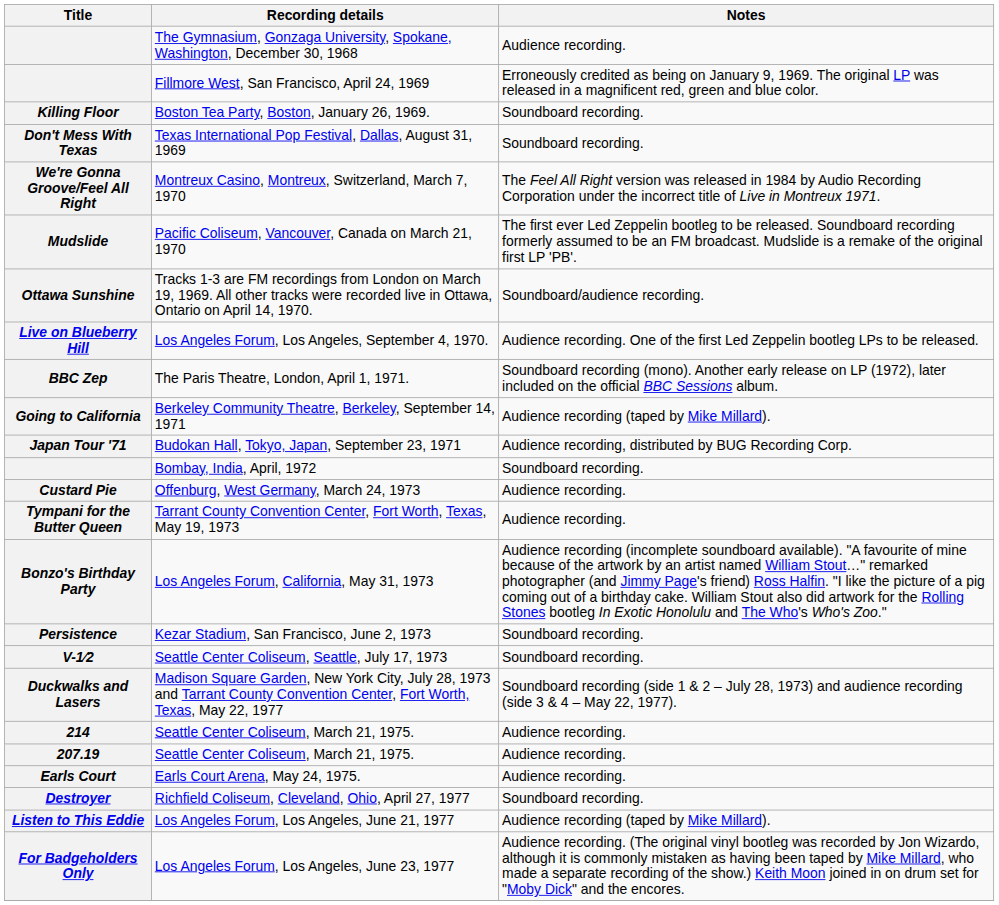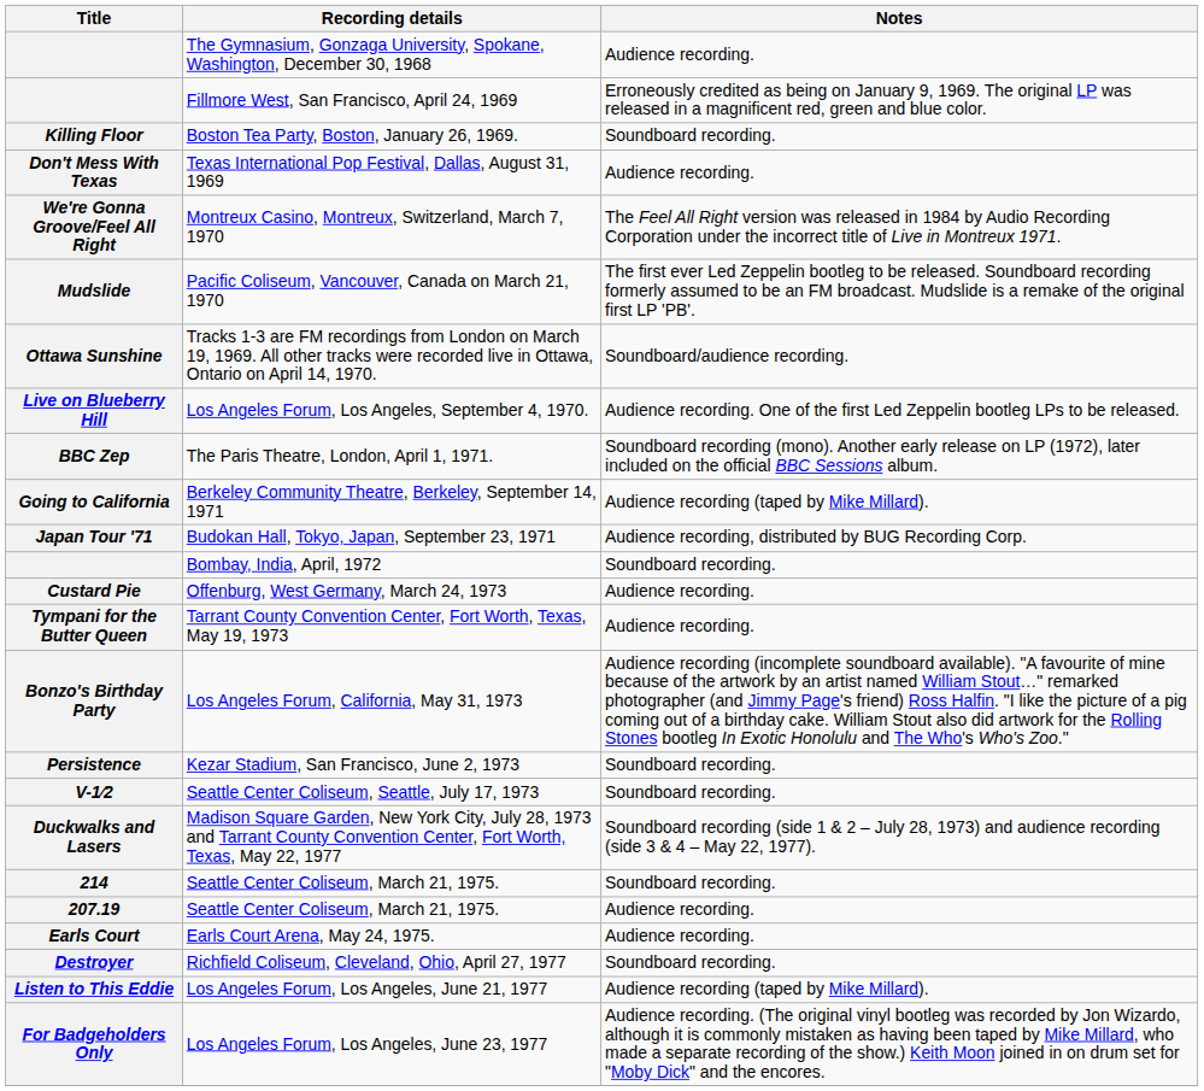 <table class="wikitable sortable plainrowheaders" width="90%"  style="padding: 5px; align: center;">
 <tr>
 <th scope="col">Title</th>
 <th scope="col" class="unsortable">Recording details</th>
 <th scope="col" class="unsortable">Notes</th>
 </tr>
 <tr>
 <th scope="row"><em></em></th>
 <td><a href='#'>The Gymnasium</a>, <a href='#'>Gonzaga University</a>, <a href='#'>Spokane, Washington</a>, December 30, 1968</td>
 <td>Audience recording.</td>
 </tr>
 <tr>
 <th scope="row"><em></em></th>
 <td><a href='#'>Fillmore West</a>, San Francisco, April 24, 1969</td>
 <td valign="top" width=50%>Erroneously credited as being on January 9, 1969. The original <a href='#'>LP</a> was released in a magnificent red, green and blue color.</td>
 </tr>
 <tr>
 <th scope="row"><em>Killing Floor</em></th>
 <td><a href='#'>Boston Tea Party</a>, <a href='#'>Boston</a>, January 26, 1969.</td>
 <td>Soundboard recording.</td>
 </tr>
 <tr>
 <th scope="row"><em>Don't Mess With Texas</em></th>
 <td><a href='#'>Texas International Pop Festival</a>, <a href='#'>Dallas</a>, August 31, 1969</td>
-<td>Soundboard recording.</td>
+<td>Audience recording.</td>
 </tr>
 <tr>
 <th scope="row"><em>We're Gonna Groove/Feel All Right</em></th>
 <td><a href='#'>Montreux Casino</a>, <a href='#'>Montreux</a>, Switzerland, March 7, 1970</td>
 <td>The <em>Feel All Right</em> version was released in 1984 by Audio Recording Corporation under the incorrect title of <em>Live in Montreux 1971</em>.</td>
 </tr>
 <tr>
 <th scope="row"><em>Mudslide</em></th>
 <td><a href='#'>Pacific Coliseum</a>, <a href='#'>Vancouver</a>, Canada on March 21, 1970</td>
 <td>The first ever Led Zeppelin bootleg to be released. Soundboard recording formerly assumed to be an FM broadcast. Mudslide is a remake of the original first LP 'PB'.</td>
 </tr>
 <tr>
 <th scope="row"><em>Ottawa Sunshine</em></th>
 <td>Tracks 1-3 are FM recordings from London on March 19, 1969.  All other tracks were recorded live in Ottawa, Ontario on April 14, 1970.</td>
 <td>Soundboard/audience recording.</td>
 </tr>
 <tr>
 <th scope="row"><em><a href='#'>Live on Blueberry Hill</a></em></th>
 <td><a href='#'>Los Angeles Forum</a>, Los Angeles, September 4, 1970.</td>
 <td>Audience recording. One of the first Led Zeppelin bootleg LPs to be released.</td>
 </tr>
 <tr>
 <th scope="row"><em>BBC Zep</em></th>
 <td>The Paris Theatre, London, April 1, 1971.</td>
 <td>Soundboard recording (mono). Another early release on LP (1972), later included on the official <em><a href='#'>BBC Sessions</a></em> album.</td>
 </tr>
 <tr>
 <th scope="row"><em>Going to California</em></th>
 <td><a href='#'>Berkeley Community Theatre</a>, <a href='#'>Berkeley</a>, September 14, 1971</td>
 <td>Audience recording (taped by <a href='#'>Mike Millard</a>).</td>
 </tr>
 <tr>
 <th scope="row"><em>Japan Tour '71</em></th>
 <td><a href='#'>Budokan Hall</a>, <a href='#'>Tokyo, Japan</a>, September 23, 1971</td>
 <td>Audience recording, distributed by BUG Recording Corp.</td>
 </tr>
 <tr>
 <th scope="row"><em></em></th>
 <td><a href='#'>Bombay, India</a>, April, 1972</td>
 <td>Soundboard recording.</td>
 </tr>
 <tr>
 <th scope="row"><em>Custard Pie</em></th>
 <td><a href='#'>Offenburg</a>, <a href='#'>West Germany</a>, March 24, 1973</td>
 <td>Audience recording.</td>
 </tr>
 <tr>
 <th scope="row"><em>Tympani for the Butter Queen</em></th>
 <td><a href='#'>Tarrant County Convention Center</a>, <a href='#'>Fort Worth</a>, <a href='#'>Texas</a>, May 19, 1973</td>
 <td>Audience recording.</td>
 </tr>
 <tr>
 <th scope="row"><em>Bonzo's Birthday Party</em></th>
 <td><a href='#'>Los Angeles Forum</a>, <a href='#'>California</a>, May 31, 1973</td>
 <td>Audience recording (incomplete soundboard available). "A favourite of mine because of the artwork by an artist named <a href='#'>William Stout</a>…" remarked photographer (and <a href='#'>Jimmy Page</a>'s friend) <a href='#'>Ross Halfin</a>. "I like the picture of a pig coming out of a birthday cake. William Stout also did artwork for the <a href='#'>Rolling Stones</a> bootleg <em>In Exotic Honolulu</em> and <a href='#'>The Who</a>'s <em>Who's Zoo</em>."</td>
 </tr>
 <tr>
 <th scope="row"><em>Persistence</em></th>
 <td><a href='#'>Kezar Stadium</a>, San Francisco, June 2, 1973</td>
 <td>Soundboard recording.</td>
 </tr>
 <tr>
 <th scope="row"><em>V-1⁄2</em></th>
 <td><a href='#'>Seattle Center Coliseum</a>, <a href='#'>Seattle</a>, July 17, 1973</td>
 <td>Soundboard recording.</td>
 </tr>
 <tr>
 <th scope="row"><em>Duckwalks and Lasers</em></th>
 <td><a href='#'>Madison Square Garden</a>, New York City, July 28, 1973 and <a href='#'>Tarrant County Convention Center</a>, <a href='#'>Fort Worth, Texas</a>, May 22, 1977</td>
 <td>Soundboard recording (side 1 & 2 – July 28, 1973) and audience recording (side 3 & 4 – May 22, 1977).</td>
 </tr>
 <tr>
 <th scope="row"><em>214</em></th>
 <td><a href='#'>Seattle Center Coliseum</a>, March 21, 1975.</td>
-<td>Audience recording.</td>
+<td>Soundboard recording.</td>
 </tr>
 <tr>
 <th scope="row"><em>207.19</em></th>
 <td><a href='#'>Seattle Center Coliseum</a>, March 21, 1975.</td>
 <td>Audience recording.</td>
 </tr>
 <tr>
 <th scope="row"><em>Earls Court</em></th>
 <td><a href='#'>Earls Court Arena</a>, May 24, 1975.</td>
 <td>Audience recording.</td>
 </tr>
 <tr>
 <th scope="row"><em><a href='#'>Destroyer</a></em></th>
 <td><a href='#'>Richfield Coliseum</a>, <a href='#'>Cleveland</a>, <a href='#'>Ohio</a>, April 27, 1977</td>
 <td>Soundboard recording.</td>
 </tr>
 <tr>
 <th scope="row"><em><a href='#'>Listen to This Eddie</a></em></th>
 <td><a href='#'>Los Angeles Forum</a>, Los Angeles, June 21, 1977</td>
 <td>Audience recording (taped by <a href='#'>Mike Millard</a>).</td>
 </tr>
 <tr>
 <th scope="row"><em><a href='#'>For Badgeholders Only</a></em></th>
 <td><a href='#'>Los Angeles Forum</a>, Los Angeles, June 23, 1977</td>
 <td>Audience recording. (The original vinyl bootleg was recorded by Jon Wizardo, although it is commonly mistaken as having been taped by <a href='#'>Mike Millard</a>, who made a separate recording of the show.) <a href='#'>Keith Moon</a> joined in on drum set for "<a href='#'>Moby Dick</a>" and the encores.</td>
 </tr>
 <tr>
 </tr>
 </table>
